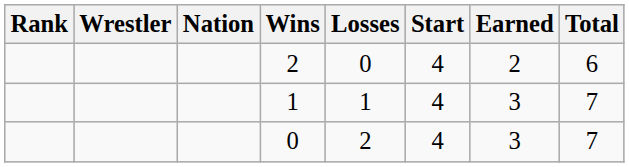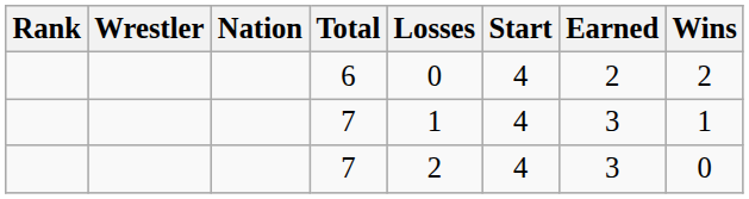 <table class="wikitable sortable" style="text-align:center;">
 <tr>
 <th>Rank</th>
 <th>Wrestler</th>
 <th>Nation</th>
-<th>Wins</th>
+<th>Total</th>
 <th>Losses</th>
 <th>Start</th>
 <th>Earned</th>
-<th>Total</th>
+<th>Wins</th>
 </tr>
 <tr>
 <td></td>
 <td align=left></td>
 <td align=left></td>
-<td>2</td>
+<td>6</td>
 <td>0</td>
 <td>4</td>
 <td>2</td>
-<td>6</td>
+<td>2</td>
 </tr>
 <tr>
 <td></td>
 <td align=left></td>
 <td align=left></td>
-<td>1</td>
+<td>7</td>
 <td>1</td>
 <td>4</td>
 <td>3</td>
-<td>7</td>
+<td>1</td>
 </tr>
 <tr>
 <td></td>
 <td align=left></td>
 <td align=left></td>
-<td>0</td>
+<td>7</td>
 <td>2</td>
 <td>4</td>
 <td>3</td>
-<td>7</td>
+<td>0</td>
 </tr>
 </table>
